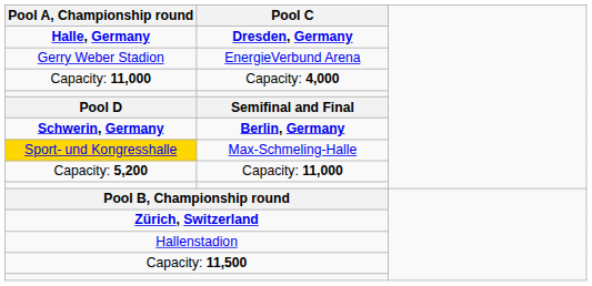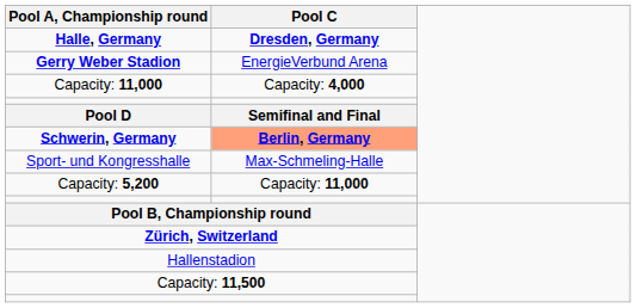 <table class="wikitable" style="text-align:center;">
 <tr>
 <th width=33%>Pool A, Championship round</th>
 <th width=33%>Pool C</th>
 <td width=34% rowspan=10></td>
 </tr>
 <tr>
 <td><strong> <a href='#'>Halle</a>, <a href='#'>Germany</a></strong></td>
 <td><strong> <a href='#'>Dresden</a>, <a href='#'>Germany</a></strong></td>
 </tr>
 <tr>
-<td><a href='#'>Gerry Weber Stadion</a></td>
+<td><strong><a href='#'>Gerry Weber Stadion</a></strong></td>
 <td><a href='#'>EnergieVerbund Arena</a></td>
 </tr>
 <tr>
 <td>Capacity: <strong>11,000</strong></td>
 <td>Capacity: <strong>4,000</strong></td>
 </tr>
 <tr>
 <td></td>
 <td></td>
 </tr>
 <tr>
 <th width=33%>Pool D</th>
 <th width=33%>Semifinal and Final</th>
 </tr>
 <tr>
 <td><strong> <a href='#'>Schwerin</a>, <a href='#'>Germany</a></strong></td>
-<td><strong> <a href='#'>Berlin</a>, <a href='#'>Germany</a></strong></td>
+<td style="background: lightsalmon;"><strong> <a href='#'>Berlin</a>, <a href='#'>Germany</a></strong></td>
 </tr>
 <tr>
-<td style="background: gold;"><a href='#'>Sport- und Kongresshalle</a></td>
+<td><a href='#'>Sport- und Kongresshalle</a></td>
 <td><a href='#'>Max-Schmeling-Halle</a></td>
 </tr>
 <tr>
 <td>Capacity: <strong>5,200</strong></td>
 <td>Capacity: <strong>11,000</strong></td>
 </tr>
 <tr>
 <td></td>
 <td></td>
 </tr>
 <tr>
 <th width=66% colspan=2>Pool B, Championship round</th>
 <td width=34% rowspan=5></td>
 </tr>
 <tr>
 <td colspan=2><strong> <a href='#'>Zürich</a>, <a href='#'>Switzerland</a></strong></td>
 </tr>
 <tr>
 <td colspan=2><a href='#'>Hallenstadion</a></td>
 </tr>
 <tr>
 <td colspan=2>Capacity: <strong>11,500</strong></td>
 </tr>
 <tr>
 <td colspan=2></td>
 </tr>
 </table>
